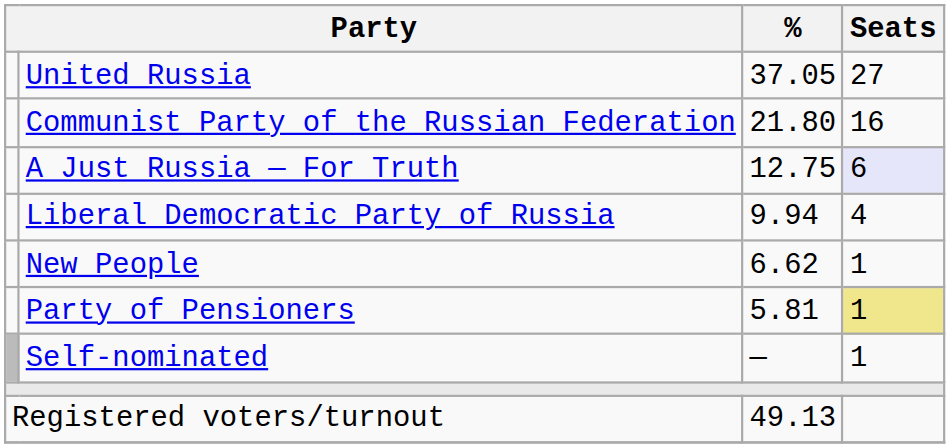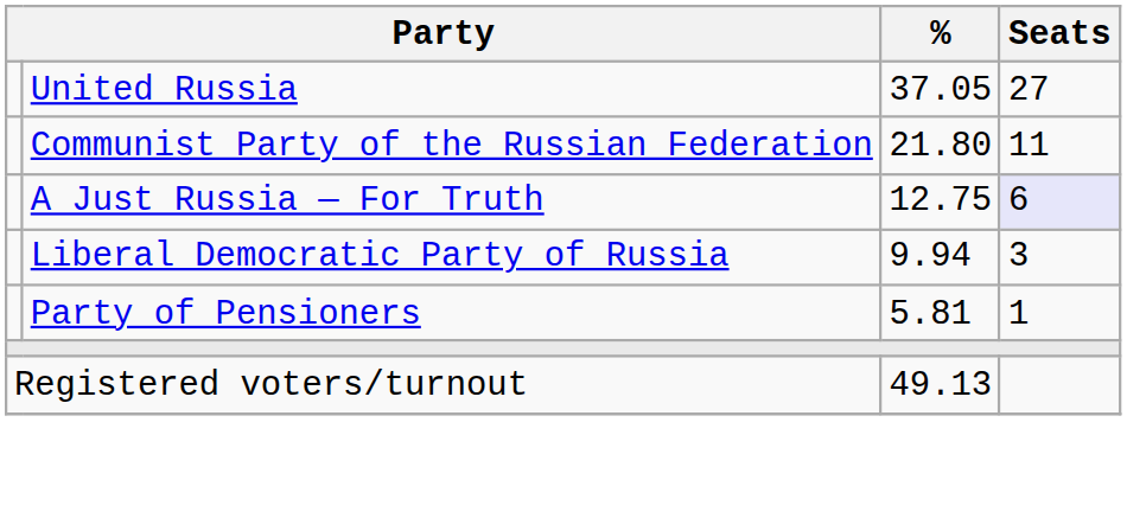 <table class="wikitable">
 <tr>
 <th colspan=2>Party</th>
 <th>%</th>
 <th>Seats</th>
 </tr>
 <tr>
 <td style="background:"></td>
 <td><a href='#'>United Russia</a></td>
 <td>37.05</td>
 <td>27</td>
 </tr>
 <tr>
 <td style="background:"></td>
 <td><a href='#'>Communist Party of the Russian Federation</a></td>
 <td>21.80</td>
-<td>16</td>
+<td>11</td>
 </tr>
 <tr>
 <td style="background:"></td>
 <td><a href='#'>A Just Russia — For Truth</a></td>
 <td>12.75</td>
 <td style="background: lavender;">6</td>
 </tr>
 <tr>
 <td style="background:"></td>
 <td><a href='#'>Liberal Democratic Party of Russia</a></td>
 <td>9.94</td>
-<td>4</td>
-</tr>
-<tr>
-<td style="background:"></td>
-<td><a href='#'>New People</a></td>
-<td>6.62</td>
-<td>1</td>
+<td>3</td>
 </tr>
 <tr>
 <td style="background:"></td>
 <td><a href='#'>Party of Pensioners</a></td>
 <td>5.81</td>
-<td style="background: khaki;">1</td>
-</tr>
-<tr>
-<td style="background:#BBBBBB;"></td>
-<td><a href='#'>Self-nominated</a></td>
-<td>—</td>
 <td>1</td>
 </tr>
 <tr>
 <td colspan=4 style="background:#E9E9E9;"></td>
 </tr>
 <tr>
 <td align=left colspan=2>Registered voters/turnout</td>
 <td>49.13</td>
 <td></td>
 </tr>
 <tr>
 </tr>
 </table>
